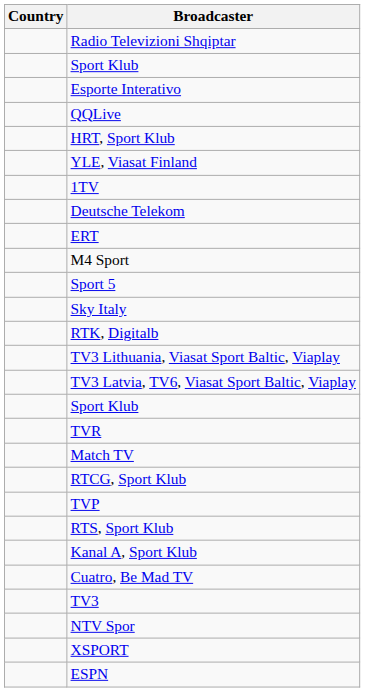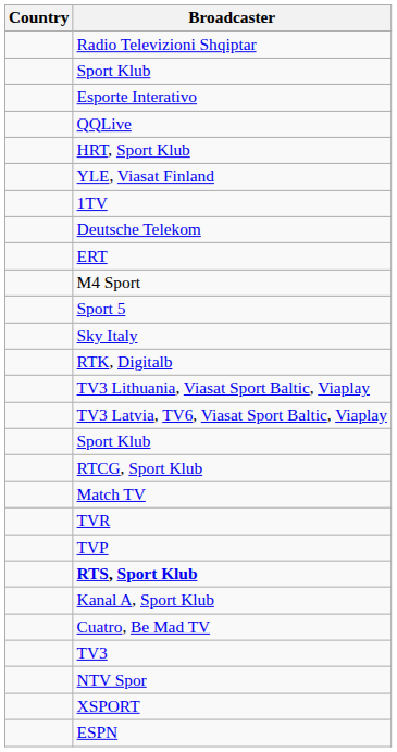 <table class="wikitable collapsible collapsed">
 <tr>
 <th align=center>Country</th>
 <th align=center>Broadcaster</th>
 </tr>
 <tr>
 <td align=left></td>
 <td><a href='#'>Radio Televizioni Shqiptar</a></td>
 </tr>
 <tr>
 <td align=left></td>
 <td><a href='#'>Sport Klub</a></td>
 </tr>
 <tr>
 <td align=left></td>
 <td><a href='#'>Esporte Interativo</a></td>
 </tr>
 <tr>
 <td align=left></td>
 <td><a href='#'>QQLive</a></td>
 </tr>
 <tr>
 <td align=left></td>
 <td><a href='#'>HRT</a>, <a href='#'>Sport Klub</a></td>
 </tr>
 <tr>
 <td align=left></td>
 <td><a href='#'>YLE</a>, <a href='#'>Viasat Finland</a></td>
 </tr>
 <tr>
 <td align=left></td>
 <td><a href='#'>1TV</a></td>
 </tr>
 <tr>
 <td align=left></td>
 <td><a href='#'>Deutsche Telekom</a></td>
 </tr>
 <tr>
 <td align=left></td>
 <td><a href='#'>ERT</a></td>
 </tr>
 <tr>
 <td align=left></td>
 <td>M4 Sport</td>
 </tr>
 <tr>
 <td align=left></td>
 <td><a href='#'>Sport 5</a></td>
 </tr>
 <tr>
 <td align=left></td>
 <td><a href='#'>Sky Italy</a></td>
 </tr>
 <tr>
 <td align=left></td>
 <td><a href='#'>RTK</a>, <a href='#'>Digitalb</a></td>
 </tr>
 <tr>
 <td align=left></td>
 <td><a href='#'>TV3 Lithuania</a>, <a href='#'>Viasat Sport Baltic</a>,  <a href='#'>Viaplay</a></td>
 </tr>
 <tr>
 <td align=left></td>
 <td><a href='#'>TV3 Latvia</a>, <a href='#'>TV6</a>, <a href='#'>Viasat Sport Baltic</a>, <a href='#'>Viaplay</a></td>
 </tr>
 <tr>
 <td align=left></td>
 <td><a href='#'>Sport Klub</a></td>
 </tr>
 <tr>
 <td align=left></td>
-<td><a href='#'>TVR</a></td>
+<td><a href='#'>RTCG</a>, <a href='#'>Sport Klub</a></td>
 </tr>
 <tr>
 <td align=left></td>
 <td><a href='#'>Match TV</a></td>
 </tr>
 <tr>
 <td align=left></td>
-<td><a href='#'>RTCG</a>, <a href='#'>Sport Klub</a></td>
+<td><a href='#'>TVR</a></td>
 </tr>
 <tr>
 <td align=left></td>
 <td><a href='#'>TVP</a></td>
 </tr>
 <tr>
 <td align=left></td>
-<td><a href='#'>RTS</a>, <a href='#'>Sport Klub</a></td>
+<td><strong><a href='#'>RTS</a>, <a href='#'>Sport Klub</a></strong></td>
 </tr>
 <tr>
 <td align=left></td>
 <td><a href='#'>Kanal A</a>, <a href='#'>Sport Klub</a></td>
 </tr>
 <tr>
 <td align=left></td>
 <td><a href='#'>Cuatro</a>, <a href='#'>Be Mad TV</a></td>
 </tr>
 <tr>
 <td align=left></td>
 <td><a href='#'>TV3</a></td>
 </tr>
 <tr>
 <td align=left></td>
 <td><a href='#'>NTV Spor</a></td>
 </tr>
 <tr>
 <td align=left></td>
 <td><a href='#'>XSPORT</a></td>
 </tr>
 <tr>
 <td align=left></td>
 <td><a href='#'>ESPN</a></td>
 </tr>
 </table>
